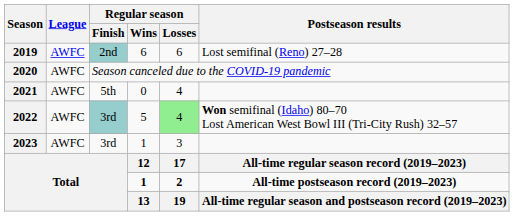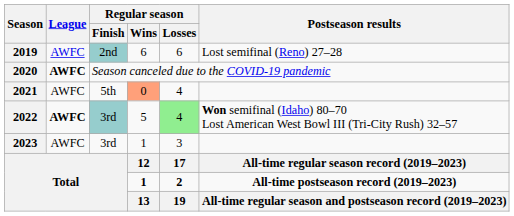 <table class="wikitable" style="text-align:center">
 <tr>
 <th rowspan="2">Season</th>
 <th rowspan="2"><a href='#'>League</a></th>
 <th colspan="3">Regular season</th>
 <th rowspan="2">Postseason results</th>
 </tr>
 <tr>
 <th>Finish</th>
 <th>Wins</th>
 <th>Losses</th>
 </tr>
 <tr>
 <th>2019</th>
 <td><a href='#'>AWFC</a></td>
 <td bgcolor="#96CDCD">2nd</td>
 <td>6</td>
 <td>6</td>
 <td align=left>Lost semifinal (<a href='#'>Reno</a>) 27–28</td>
 </tr>
 <tr>
 <th>2020</th>
-<td>AWFC</td>
+<td><strong>AWFC</strong></td>
 <td colspan=4; align=left><em>Season canceled due to the <a href='#'>COVID-19 pandemic</a></em></td>
 </tr>
 <tr>
 <th>2021</th>
 <td>AWFC</td>
 <td>5th</td>
-<td>0</td>
+<td style="background: lightsalmon;">0</td>
 <td>4</td>
 <td></td>
 </tr>
 <tr>
 <th>2022</th>
-<td>AWFC</td>
+<td><strong>AWFC</strong></td>
 <td bgcolor=#96CDCD>3rd</td>
 <td>5</td>
 <td style="background: lightgreen;">4</td>
 <td align=left><strong>Won</strong> semifinal (<a href='#'>Idaho</a>) 80–70<br>Lost American West Bowl III (Tri-City Rush) 32–57</td>
 </tr>
 <tr>
 <th>2023</th>
 <td>AWFC</td>
 <td>3rd</td>
 <td>1</td>
 <td>3</td>
 <td align=left></td>
 </tr>
 <tr>
 <th rowspan="3" colspan="3">Total</th>
 <th>12</th>
 <th>17</th>
 <th>All-time regular season record (2019–2023)</th>
 </tr>
 <tr>
 <td><strong>1</strong></td>
 <td><strong>2</strong></td>
 <td><strong>All-time postseason record (2019–2023)</strong></td>
 </tr>
 <tr>
 <th>13</th>
 <th>19</th>
 <th>All-time regular season and postseason record (2019–2023)</th>
 </tr>
 </table>
